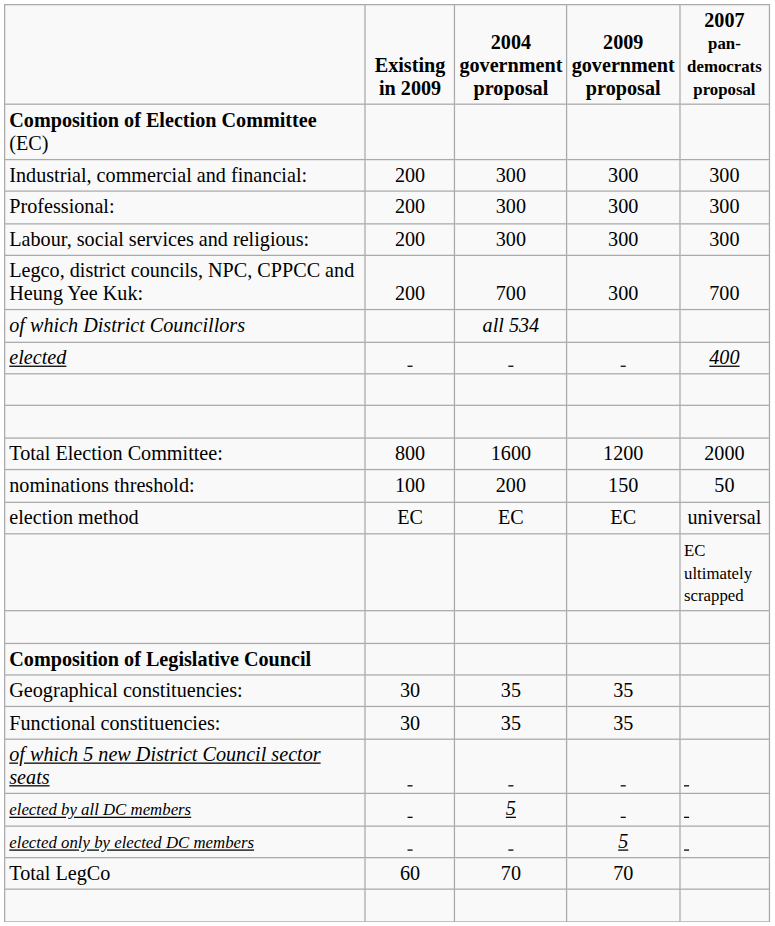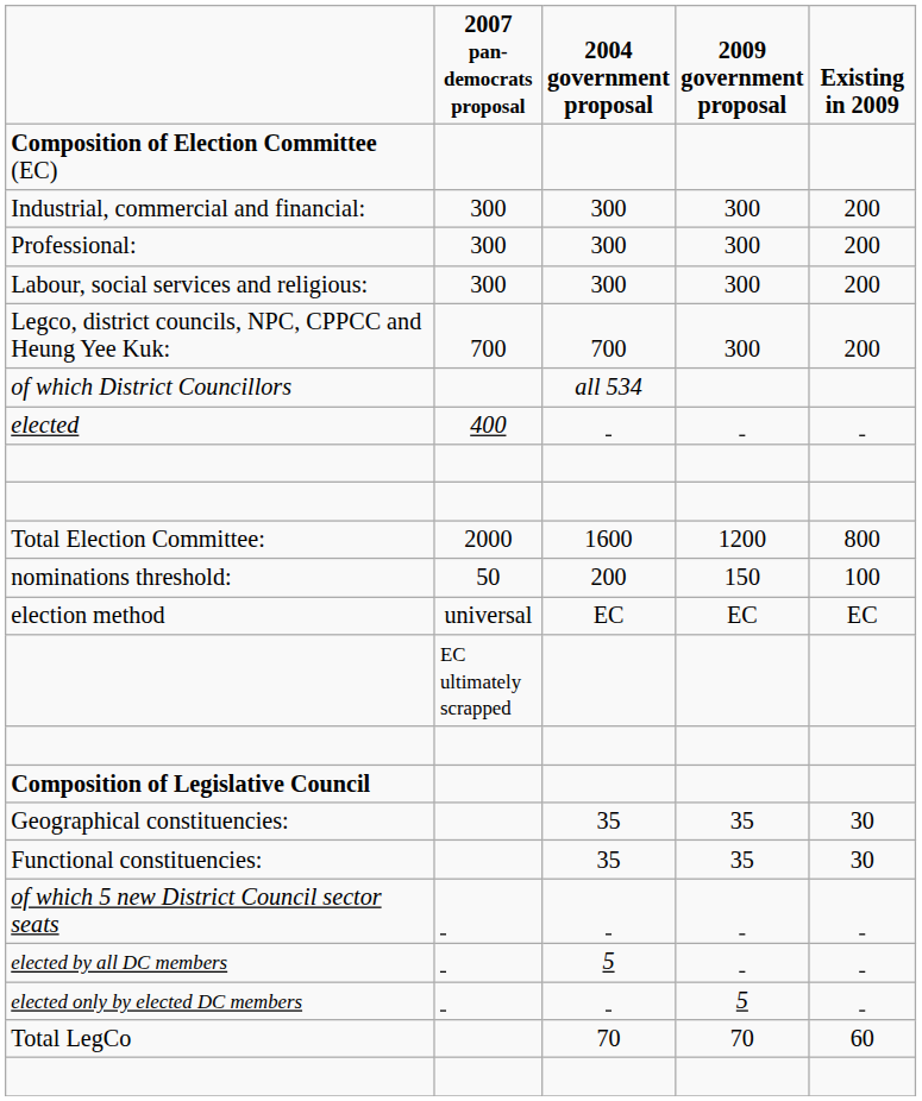 <table class="wikitable">
 <tr>
 <td width="313" height="13"  valign="bottom"> </td>
-<td width="65" align="center" valign="bottom"><strong>Existing<br>in 2009</strong></td>
+<td width="65" align="center" valign="bottom"><strong>2007<br><small>pan-democrats proposal</small></strong></td>
 <td width="65" align="center" valign="bottom"><strong>2004 government proposal</strong></td>
 <td width="65" align="center" valign="bottom"><strong>2009 government proposal</strong></td>
-<td width="65" align="center" valign="bottom"><strong>2007<br><small>pan-democrats proposal</small></strong></td>
+<td width="65" align="center" valign="bottom"><strong>Existing<br>in 2009</strong></td>
 </tr>
 <tr valign="bottom">
 <td height="13"><strong>Composition of Election Committee</strong> (EC)</td>
 <td> </td>
 <td> </td>
 <td> </td>
 <td> </td>
 </tr>
 <tr>
 <td height="13" valign="bottom">Industrial, commercial and financial:</td>
-<td align="center" valign="bottom">200</td>
 <td align="center" valign="bottom">300</td>
 <td align="center" valign="bottom">300</td>
 <td align="center" valign="bottom">300</td>
+<td align="center" valign="bottom">200</td>
 </tr>
 <tr>
 <td height="13" valign="bottom">Professional:</td>
-<td align="center" valign="bottom">200</td>
 <td align="center" valign="bottom">300</td>
 <td align="center" valign="bottom">300</td>
 <td align="center" valign="bottom">300</td>
+<td align="center" valign="bottom">200</td>
 </tr>
 <tr>
 <td height="13" valign="bottom">Labour, social services and religious:</td>
-<td align="center" valign="bottom">200</td>
 <td align="center" valign="bottom">300</td>
 <td align="center" valign="bottom">300</td>
 <td align="center" valign="bottom">300</td>
+<td align="center" valign="bottom">200</td>
 </tr>
 <tr>
 <td height="13" valign="bottom">Legco, district councils, NPC, CPPCC and Heung Yee Kuk:</td>
-<td align="center" valign="bottom">200</td>
+<td align="center" valign="bottom">700</td>
 <td align="center" valign="bottom">700</td>
 <td align="center" valign="bottom">300</td>
-<td align="center" valign="bottom">700</td>
+<td align="center" valign="bottom">200</td>
 </tr>
 <tr>
 <td style="font-style:Italic" height="13" valign="bottom">of which District Councillors</td>
-<td align="center" valign="bottom"> </td>
+<td valign="bottom"> </td>
 <td align="center" valign="bottom"><em>all 534</em></td>
 <td align="center" valign="bottom"> </td>
-<td valign="bottom"> </td>
+<td align="center" valign="bottom"> </td>
 </tr>
 <tr style="font-style:Italic;text-decoration:underline">
 <td style="font-style:Italic" height="13" valign="bottom">elected</td>
+<td style="font-style:Italic" align="center" valign="bottom">400</td>
 <td style="font-style:Italic" align="center" valign="bottom"> </td>
 <td style="font-style:Italic" align="center" valign="bottom"> </td>
 <td style="font-style:Italic" align="center" valign="bottom"> </td>
-<td style="font-style:Italic" align="center" valign="bottom">400</td>
 </tr>
 <tr>
 <td style="font-style:Italic;text-decoration:none" height="13" valign="bottom"> </td>
+<td valign="bottom"> </td>
 <td align="center" valign="bottom"> </td>
 <td align="center" valign="bottom"> </td>
 <td align="center" valign="bottom"> </td>
-<td valign="bottom"> </td>
 </tr>
 <tr>
 <td height="13" valign="bottom"> </td>
+<td valign="bottom"> </td>
 <td align="center" valign="bottom"> </td>
 <td align="center" valign="bottom"> </td>
 <td align="center" valign="bottom"> </td>
-<td valign="bottom"> </td>
 </tr>
 <tr>
 <td height="13"  valign="bottom">Total Election Committee:</td>
-<td align="center" valign="bottom">800</td>
+<td align="center" valign="bottom">2000</td>
 <td align="center" valign="bottom">1600</td>
 <td align="center" valign="bottom">1200</td>
-<td align="center" valign="bottom">2000</td>
+<td align="center" valign="bottom">800</td>
 </tr>
 <tr>
 <td height="13"  valign="bottom">nominations threshold:</td>
-<td align="center" valign="bottom">100</td>
+<td align="center" valign="bottom">50</td>
 <td align="center" valign="bottom">200</td>
 <td align="center" valign="bottom">150</td>
-<td align="center" valign="bottom">50</td>
+<td align="center" valign="bottom">100</td>
 </tr>
 <tr>
 <td height="13"  valign="bottom">election method</td>
+<td align="center" valign="bottom">universal</td>
 <td align="center" valign="bottom">EC</td>
 <td align="center" valign="bottom">EC</td>
 <td align="center" valign="bottom">EC</td>
-<td align="center" valign="bottom">universal</td>
 </tr>
 <tr valign="bottom">
 <td height="13"> </td>
+<td><small>EC ultimately scrapped</small></td>
 <td> </td>
 <td> </td>
 <td> </td>
-<td><small>EC ultimately scrapped</small></td>
 </tr>
 <tr valign="bottom">
 <td height="13"> </td>
 <td> </td>
 <td> </td>
 <td> </td>
 <td> </td>
 </tr>
 <tr valign="bottom">
 <td height="13"><strong>Composition of Legislative Council</strong></td>
 <td> </td>
 <td> </td>
 <td> </td>
 <td> </td>
 </tr>
 <tr>
 <td height="13" valign="bottom">Geographical constituencies:</td>
-<td align="center" valign="bottom">30</td>
+<td valign="bottom"> </td>
 <td align="center" valign="bottom">35</td>
 <td align="center" valign="bottom">35</td>
-<td valign="bottom"> </td>
+<td align="center" valign="bottom">30</td>
 </tr>
 <tr>
 <td height="13" valign="bottom">Functional constituencies:</td>
-<td align="center" valign="bottom">30</td>
+<td valign="bottom"> </td>
 <td align="center" valign="bottom">35</td>
 <td align="center" valign="bottom">35</td>
-<td valign="bottom"> </td>
+<td align="center" valign="bottom">30</td>
 </tr>
 <tr style="font-style:Italic;text-decoration:underline">
 <td style="font-style:Italic" height="13" valign="bottom">of which 5 new District Council sector seats</td>
+<td style="font-style:Italic"  valign="bottom"> </td>
 <td style="font-style:Italic" align="center" valign="bottom"> </td>
 <td style="font-style:Italic" align="center" valign="bottom"> </td>
 <td style="font-style:Italic" align="center" valign="bottom"> </td>
-<td style="font-style:Italic"  valign="bottom"> </td>
 </tr>
 <tr style="font-style:Italic;text-decoration:underline">
 <td style="font-style:Italic" height="10" valign="bottom"><small>elected by all DC members</small></td>
+<td style="font-style:Italic"  valign="bottom"> </td>
+<td style="font-style:Italic" align="center" valign="bottom">5</td>
+<td style="font-style:Italic" align="center" valign="bottom"> </td>
+<td style="font-style:Italic" align="center" valign="bottom"> </td>
+</tr>
+<tr style="font-style:Italic;text-decoration:underline">
+<td style="font-style:Italic" height="13" valign="bottom"><small>elected only by elected DC members</small></td>
+<td style="font-style:Italic"  valign="bottom"> </td>
 <td style="font-style:Italic" align="center" valign="bottom"> </td>
 <td style="font-style:Italic" align="center" valign="bottom">5</td>
 <td style="font-style:Italic" align="center" valign="bottom"> </td>
-<td style="font-style:Italic"  valign="bottom"> </td>
-</tr>
-<tr style="font-style:Italic;text-decoration:underline">
-<td style="font-style:Italic" height="13" valign="bottom"><small>elected only by elected DC members</small></td>
-<td style="font-style:Italic" align="center" valign="bottom"> </td>
-<td style="font-style:Italic" align="center" valign="bottom"> </td>
-<td style="font-style:Italic" align="center" valign="bottom">5</td>
-<td style="font-style:Italic"  valign="bottom"> </td>
 </tr>
 <tr>
 <td style="text-decoration:none" height="13"  valign="bottom">Total LegCo</td>
-<td align="center" valign="bottom">60</td>
+<td valign="bottom"> </td>
 <td align="center" valign="bottom">70</td>
 <td align="center" valign="bottom">70</td>
-<td valign="bottom"> </td>
+<td align="center" valign="bottom">60</td>
 </tr>
 <tr valign="bottom">
 <td height="13"> </td>
 <td> </td>
 <td> </td>
 <td> </td>
 <td> </td>
 </tr>
 </table>
